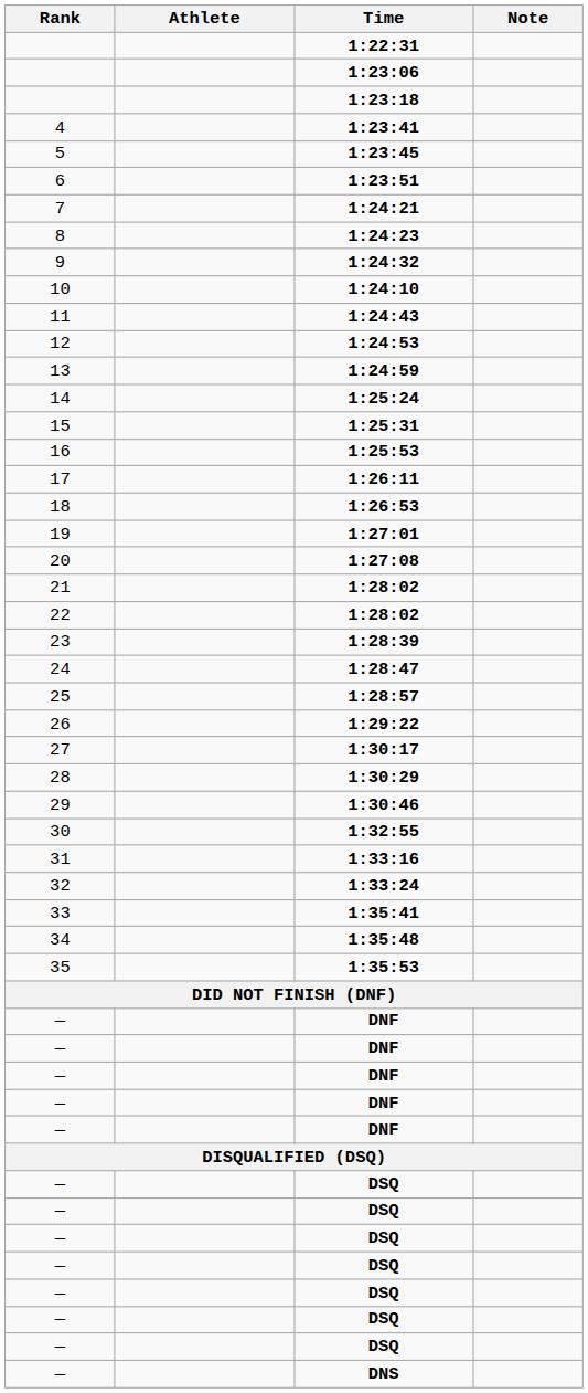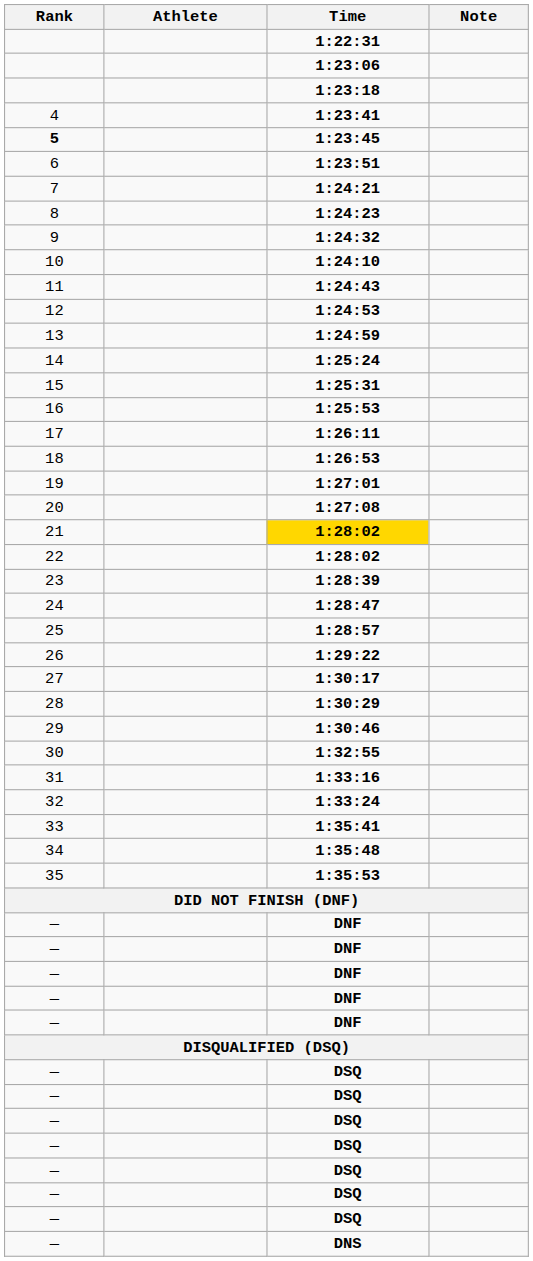 <table class="wikitable" style=" text-align:center; font-size:110%;" width="55%">
 <tr>
 <th>Rank</th>
 <th>Athlete</th>
 <th>Time</th>
 <th>Note</th>
 </tr>
 <tr>
 <td></td>
 <td align=left></td>
 <td><strong>1:22:31</strong></td>
 <td></td>
 </tr>
 <tr>
 <td></td>
 <td align=left></td>
 <td><strong>1:23:06</strong></td>
 <td></td>
 </tr>
 <tr>
 <td></td>
 <td align=left></td>
 <td><strong>1:23:18</strong></td>
 <td></td>
 </tr>
 <tr>
 <td>4</td>
 <td align=left></td>
 <td><strong>1:23:41</strong></td>
 <td></td>
 </tr>
 <tr>
-<td>5</td>
+<td><strong>5</strong></td>
 <td align=left></td>
 <td><strong>1:23:45</strong></td>
 <td></td>
 </tr>
 <tr>
 <td>6</td>
 <td align=left></td>
 <td><strong>1:23:51</strong></td>
 <td></td>
 </tr>
 <tr>
 <td>7</td>
 <td align=left></td>
 <td><strong>1:24:21</strong></td>
 <td></td>
 </tr>
 <tr>
 <td>8</td>
 <td align=left></td>
 <td><strong>1:24:23</strong></td>
 <td></td>
 </tr>
 <tr>
 <td>9</td>
 <td align=left></td>
 <td><strong>1:24:32</strong></td>
 <td></td>
 </tr>
 <tr>
 <td>10</td>
 <td align=left></td>
 <td><strong>1:24:10</strong></td>
 <td></td>
 </tr>
 <tr>
 <td>11</td>
 <td align=left></td>
 <td><strong>1:24:43</strong></td>
 <td></td>
 </tr>
 <tr>
 <td>12</td>
 <td align=left></td>
 <td><strong>1:24:53</strong></td>
 <td></td>
 </tr>
 <tr>
 <td>13</td>
 <td align=left></td>
 <td><strong>1:24:59</strong></td>
 <td></td>
 </tr>
 <tr>
 <td>14</td>
 <td align=left></td>
 <td><strong>1:25:24</strong></td>
 <td></td>
 </tr>
 <tr>
 <td>15</td>
 <td align=left></td>
 <td><strong>1:25:31</strong></td>
 <td></td>
 </tr>
 <tr>
 <td>16</td>
 <td align=left></td>
 <td><strong>1:25:53</strong></td>
 <td></td>
 </tr>
 <tr>
 <td>17</td>
 <td align=left></td>
 <td><strong>1:26:11</strong></td>
 <td></td>
 </tr>
 <tr>
 <td>18</td>
 <td align=left></td>
 <td><strong>1:26:53</strong></td>
 <td></td>
 </tr>
 <tr>
 <td>19</td>
 <td align=left></td>
 <td><strong>1:27:01</strong></td>
 <td></td>
 </tr>
 <tr>
 <td>20</td>
 <td align=left></td>
 <td><strong>1:27:08</strong></td>
 <td></td>
 </tr>
 <tr>
 <td>21</td>
 <td align=left></td>
-<td><strong>1:28:02</strong></td>
+<td style="background: gold;"><strong>1:28:02</strong></td>
 <td></td>
 </tr>
 <tr>
 <td>22</td>
 <td align=left></td>
 <td><strong>1:28:02</strong></td>
 <td></td>
 </tr>
 <tr>
 <td>23</td>
 <td align=left></td>
 <td><strong>1:28:39</strong></td>
 <td></td>
 </tr>
 <tr>
 <td>24</td>
 <td align=left></td>
 <td><strong>1:28:47</strong></td>
 <td></td>
 </tr>
 <tr>
 <td>25</td>
 <td align=left></td>
 <td><strong>1:28:57</strong></td>
 <td></td>
 </tr>
 <tr>
 <td>26</td>
 <td align=left></td>
 <td><strong>1:29:22</strong></td>
 <td></td>
 </tr>
 <tr>
 <td>27</td>
 <td align=left></td>
 <td><strong>1:30:17</strong></td>
 <td></td>
 </tr>
 <tr>
 <td>28</td>
 <td align=left></td>
 <td><strong>1:30:29</strong></td>
 <td></td>
 </tr>
 <tr>
 <td>29</td>
 <td align=left></td>
 <td><strong>1:30:46</strong></td>
 <td></td>
 </tr>
 <tr>
 <td>30</td>
 <td align=left></td>
 <td><strong>1:32:55</strong></td>
 <td></td>
 </tr>
 <tr>
 <td>31</td>
 <td align=left></td>
 <td><strong>1:33:16</strong></td>
 <td></td>
 </tr>
 <tr>
 <td>32</td>
 <td align=left></td>
 <td><strong>1:33:24</strong></td>
 <td></td>
 </tr>
 <tr>
 <td>33</td>
 <td align=left></td>
 <td><strong>1:35:41</strong></td>
 <td></td>
 </tr>
 <tr>
 <td>34</td>
 <td align=left></td>
 <td><strong>1:35:48</strong></td>
 <td></td>
 </tr>
 <tr>
 <td>35</td>
 <td align=left></td>
 <td><strong>1:35:53</strong></td>
 <td></td>
 </tr>
 <tr>
 <th colspan="4">DID NOT FINISH (DNF)</th>
 </tr>
 <tr>
 <td>—</td>
 <td align=left></td>
 <td><strong>DNF</strong></td>
 <td></td>
 </tr>
 <tr>
 <td>—</td>
 <td align=left></td>
 <td><strong>DNF</strong></td>
 <td></td>
 </tr>
 <tr>
 <td>—</td>
 <td align=left></td>
 <td><strong>DNF</strong></td>
 <td></td>
 </tr>
 <tr>
 <td>—</td>
 <td align=left></td>
 <td><strong>DNF</strong></td>
 <td></td>
 </tr>
 <tr>
 <td>—</td>
 <td align=left></td>
 <td><strong>DNF</strong></td>
 <td></td>
 </tr>
 <tr>
 <th colspan="4">DISQUALIFIED (DSQ)</th>
 </tr>
 <tr>
 <td>—</td>
 <td align=left></td>
 <td><strong>DSQ</strong></td>
 <td></td>
 </tr>
 <tr>
 <td>—</td>
 <td align=left></td>
 <td><strong>DSQ</strong></td>
 <td></td>
 </tr>
 <tr>
 <td>—</td>
 <td align=left></td>
 <td><strong>DSQ</strong></td>
 <td></td>
 </tr>
 <tr>
 <td>—</td>
 <td align=left></td>
 <td><strong>DSQ</strong></td>
 <td></td>
 </tr>
 <tr>
 <td>—</td>
 <td align=left></td>
 <td><strong>DSQ</strong></td>
 <td></td>
 </tr>
 <tr>
 <td>—</td>
 <td align=left></td>
 <td><strong>DSQ</strong></td>
 <td></td>
 </tr>
 <tr>
 <td>—</td>
 <td align=left></td>
 <td><strong>DSQ</strong></td>
 <td></td>
 </tr>
 <tr>
 <td>—</td>
 <td align=left></td>
 <td><strong>DNS</strong></td>
 <td></td>
 </tr>
 </table>
